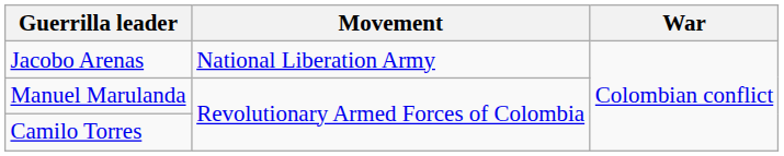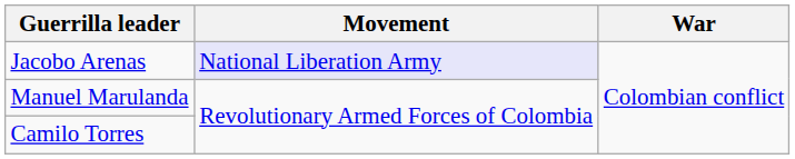 <table class="wikitable">
 <tr>
 <th>Guerrilla leader</th>
 <th>Movement</th>
 <th>War</th>
 </tr>
 <tr>
 <td><a href='#'>Jacobo Arenas</a></td>
-<td><a href='#'>National Liberation Army</a></td>
+<td style="background: lavender;"><a href='#'>National Liberation Army</a></td>
 <td rowspan="3"><a href='#'>Colombian conflict</a></td>
 </tr>
 <tr>
 <td><a href='#'>Manuel Marulanda</a></td>
 <td rowspan="2"><a href='#'>Revolutionary Armed Forces of Colombia</a></td>
 </tr>
 <tr>
 <td><a href='#'>Camilo Torres</a></td>
 </tr>
 </table>
